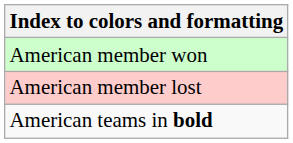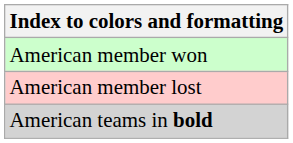 <table class="wikitable">
 <tr>
 <th>Index to colors and formatting</th>
 </tr>
 <tr style="background:#cfc;">
 <td>American member won</td>
 </tr>
 <tr style="background:#fcc;">
 <td>American member lost</td>
 </tr>
 <tr>
-<td>American teams in <strong>bold</strong></td>
+<td style="background: lightgrey;">American teams in <strong>bold</strong></td>
 </tr>
 </table>
